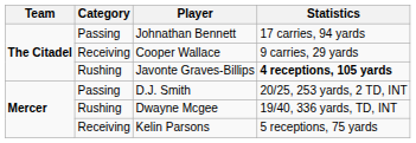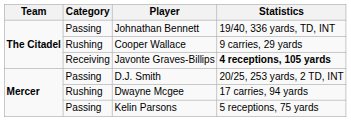 <table class="wikitable" style="float: right;">
 <tr>
 <th>Team</th>
 <th>Category</th>
 <th>Player</th>
 <th>Statistics</th>
 </tr>
 <tr>
 <td rowspan=3><strong>The Citadel</strong></td>
 <td>Passing</td>
 <td>Johnathan Bennett</td>
-<td>17 carries, 94 yards</td>
+<td>19/40, 336 yards, TD, INT</td>
 </tr>
 <tr>
-<td>Receiving</td>
+<td>Rushing</td>
 <td>Cooper Wallace</td>
 <td>9 carries, 29 yards</td>
 </tr>
 <tr>
-<td>Rushing</td>
+<td>Receiving</td>
 <td>Javonte Graves-Billips</td>
 <td><strong>4 receptions, 105 yards</strong></td>
 </tr>
 <tr>
 <td rowspan=3><strong>Mercer</strong></td>
 <td>Passing</td>
 <td>D.J. Smith</td>
 <td>20/25, 253 yards, 2 TD, INT</td>
 </tr>
 <tr>
 <td>Rushing</td>
 <td>Dwayne Mcgee</td>
-<td>19/40, 336 yards, TD, INT</td>
+<td>17 carries, 94 yards</td>
 </tr>
 <tr>
-<td>Receiving</td>
+<td>Passing</td>
 <td>Kelin Parsons</td>
 <td>5 receptions, 75 yards</td>
 </tr>
 </table>
